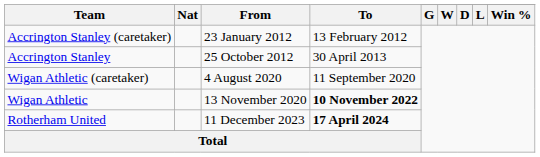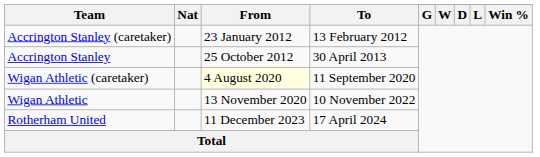 <table class="wikitable" style="text-align: center">
 <tr>
 <th rowspan="2">Team</th>
 <th rowspan="2">Nat</th>
 <th rowspan="2">From</th>
 <th rowspan="2">To</th>
 </tr>
 <tr>
 <th>G</th>
 <th>W</th>
 <th>D</th>
 <th>L</th>
 <th>Win %</th>
 </tr>
 <tr>
 <td align=left><a href='#'>Accrington Stanley</a> (caretaker)</td>
 <td align=left></td>
 <td align=left>23 January 2012</td>
 <td align=left>13 February 2012<br></td>
 </tr>
 <tr>
 <td align=left><a href='#'>Accrington Stanley</a></td>
 <td align=left></td>
 <td align=left>25 October 2012</td>
 <td align=left>30 April 2013<br></td>
 </tr>
 <tr>
 <td align=left><a href='#'>Wigan Athletic</a> (caretaker)</td>
 <td align=left></td>
-<td align=left>4 August 2020</td>
+<td align=left style="background: lightyellow;">4 August 2020</td>
 <td align=left>11 September 2020<br></td>
 </tr>
 <tr>
 <td align=left><a href='#'>Wigan Athletic</a></td>
 <td align=left></td>
 <td align=left>13 November 2020</td>
-<td align=left><strong>10 November 2022<br></strong></td>
+<td align=left>10 November 2022<br></td>
 </tr>
 <tr>
 <td align=left><a href='#'>Rotherham United</a></td>
 <td align=left></td>
 <td align=left>11 December 2023</td>
-<td align=left><strong>17 April 2024<br></strong></td>
+<td align=left>17 April 2024<br></td>
 </tr>
 <tr>
 <th colspan="4">Total<br></th>
 </tr>
 </table>
